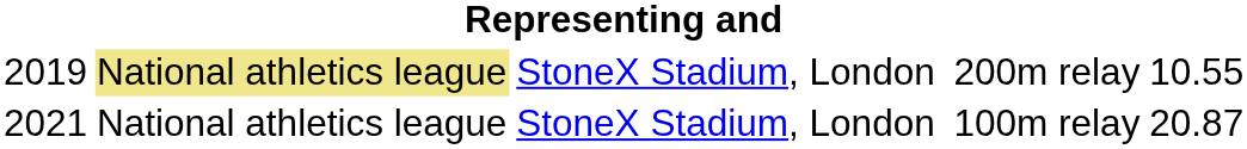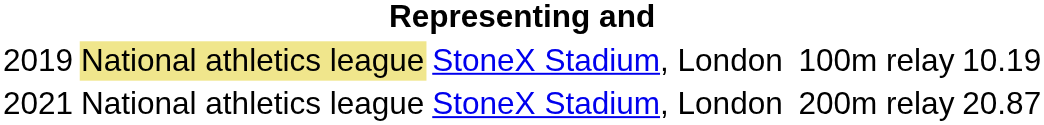 <table>
 <tr>
 <th colspan="6">Representing  and </th>
 </tr>
 <tr>
 <td rowspan=1>2019</td>
 <td style="background: khaki;">National athletics league</td>
 <td><a href='#'>StoneX Stadium</a>, London</td>
 <td></td>
-<td>200m relay</td>
-<td 2021 IAAF World Indoor Championships – Men's 4 × 400 metres relay>10.55</td>
+<td>100m relay</td>
+<td 2021 IAAF World Indoor Championships – Men's 4 × 400 metres relay>10.19</td>
 </tr>
 <tr>
 <td rowspan=2>2021</td>
 <td>National athletics league</td>
 <td><a href='#'>StoneX Stadium</a>, London</td>
 <td></td>
-<td>100m relay</td>
+<td>200m relay</td>
 <td 2021 IAAF World Indoor Championships – Men's 4 × 400 metres relay>20.87</td>
 </tr>
 </table>
